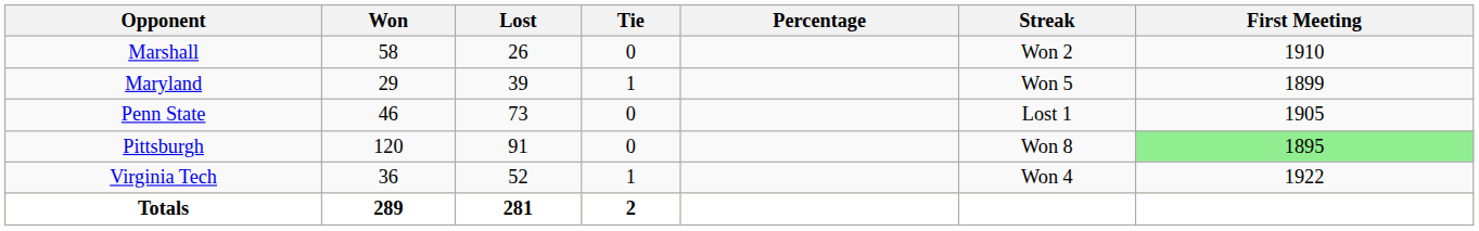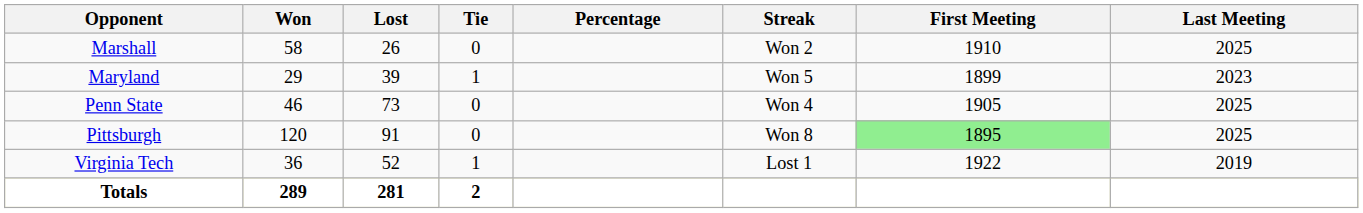 <table cellpadding="1" style="width:75%;" class="wikitable">
 <tr>
 <th>Opponent</th>
 <th>Won</th>
 <th>Lost</th>
 <th>Tie</th>
 <th>Percentage</th>
 <th>Streak</th>
 <th>First Meeting</th>
+<th>Last Meeting</th>
 </tr>
 <tr style="text-align:center;">
 <td><a href='#'>Marshall</a></td>
 <td>58</td>
 <td>26</td>
 <td>0</td>
 <td></td>
 <td>Won 2</td>
 <td>1910</td>
+<td>2025</td>
 </tr>
 <tr style="text-align:center;">
 <td><a href='#'>Maryland</a></td>
 <td>29</td>
 <td>39</td>
 <td>1</td>
 <td></td>
 <td>Won 5</td>
 <td>1899</td>
+<td>2023</td>
 </tr>
 <tr style="text-align:center;">
 <td><a href='#'>Penn State</a></td>
 <td>46</td>
 <td>73</td>
 <td>0</td>
 <td></td>
-<td>Lost 1</td>
+<td>Won 4</td>
 <td>1905</td>
+<td>2025</td>
 </tr>
 <tr style="text-align:center;">
 <td><a href='#'>Pittsburgh</a></td>
 <td>120</td>
 <td>91</td>
 <td>0</td>
 <td></td>
 <td>Won 8</td>
 <td style="background: lightgreen;">1895</td>
+<td>2025</td>
 </tr>
 <tr style="text-align:center;">
 <td><a href='#'>Virginia Tech</a></td>
 <td>36</td>
 <td>52</td>
 <td>1</td>
 <td></td>
-<td>Won 4</td>
+<td>Lost 1</td>
 <td>1922</td>
+<td>2019</td>
 </tr>
 <tr class="unsortable" style="text-align:center; background:#CCCC66;">
 <th style="background:white; color:black;"><strong>Totals</strong></th>
 <th style="background:white; color:black;"><strong>289</strong></th>
 <th style="background:white; color:black;"><strong>281</strong></th>
 <th style="background:white; color:black;"><strong>2</strong></th>
 <th style="background:white; color:black;"><strong></strong></th>
 <th style="background:white; color:black;"></th>
 <th style="background:white; color:black;"></th>
+<th style="background:white; color:black;"></th>
 </tr>
 </table>
